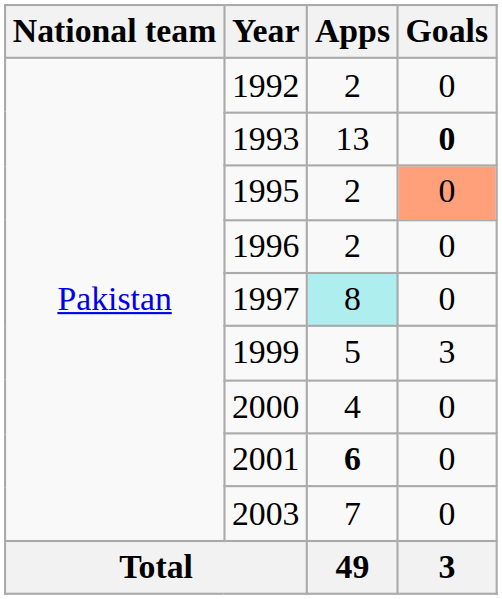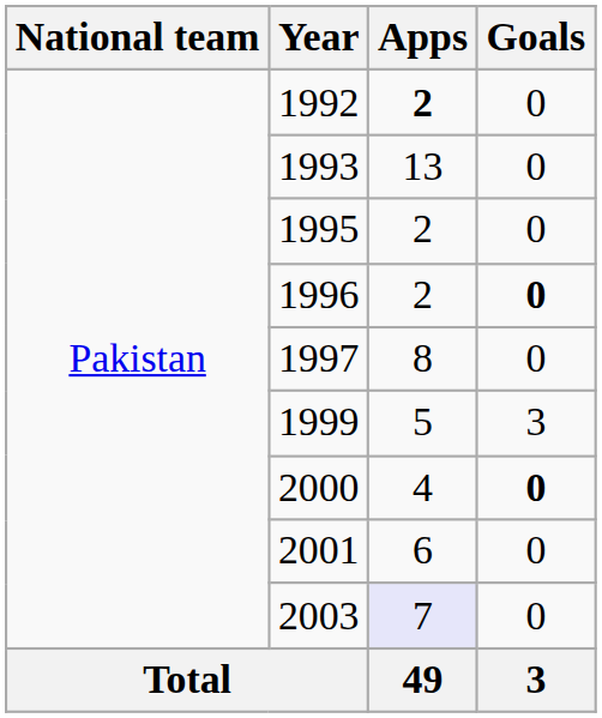 <table class="wikitable" style="text-align:center">
 <tr>
 <th>National team</th>
 <th>Year</th>
 <th>Apps</th>
 <th>Goals</th>
 </tr>
 <tr>
 <td rowspan="9"><a href='#'>Pakistan</a></td>
 <td>1992</td>
-<td>2</td>
+<td><strong>2</strong></td>
 <td>0</td>
 </tr>
 <tr>
 <td>1993</td>
 <td>13</td>
-<td><strong>0</strong></td>
+<td>0</td>
 </tr>
 <tr>
 <td>1995</td>
 <td>2</td>
-<td style="background: lightsalmon;">0</td>
+<td>0</td>
 </tr>
 <tr>
 <td>1996</td>
 <td>2</td>
-<td>0</td>
+<td><strong>0</strong></td>
 </tr>
 <tr>
 <td>1997</td>
-<td style="background: paleturquoise;">8</td>
+<td>8</td>
 <td>0</td>
 </tr>
 <tr>
 <td>1999</td>
 <td>5</td>
 <td>3</td>
 </tr>
 <tr>
 <td>2000</td>
 <td>4</td>
-<td>0</td>
+<td><strong>0</strong></td>
 </tr>
 <tr>
 <td>2001</td>
-<td><strong>6</strong></td>
+<td>6</td>
 <td>0</td>
 </tr>
 <tr>
 <td>2003</td>
-<td>7</td>
+<td style="background: lavender;">7</td>
 <td>0</td>
 </tr>
 <tr>
 <th colspan="2">Total</th>
 <th>49</th>
 <th>3</th>
 </tr>
 </table>
